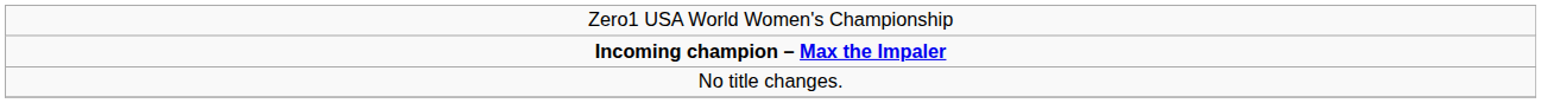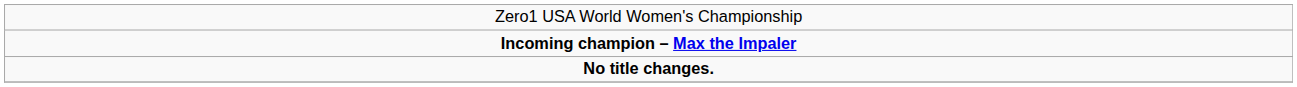 <table class="wikitable" style="text-align:center; width:100%;">
 <tr>
 <td colspan="5" style="text-align: center;">Zero1 USA World Women's Championship</td>
 </tr>
 <tr>
 <td colspan="5" style="text-align: center;"><strong>Incoming champion – <a href='#'>Max the Impaler</a></strong></td>
 </tr>
 <tr>
-<td>No title changes.</td>
+<td><strong>No title changes.</strong></td>
 </tr>
 <tr>
 </tr>
 </table>
